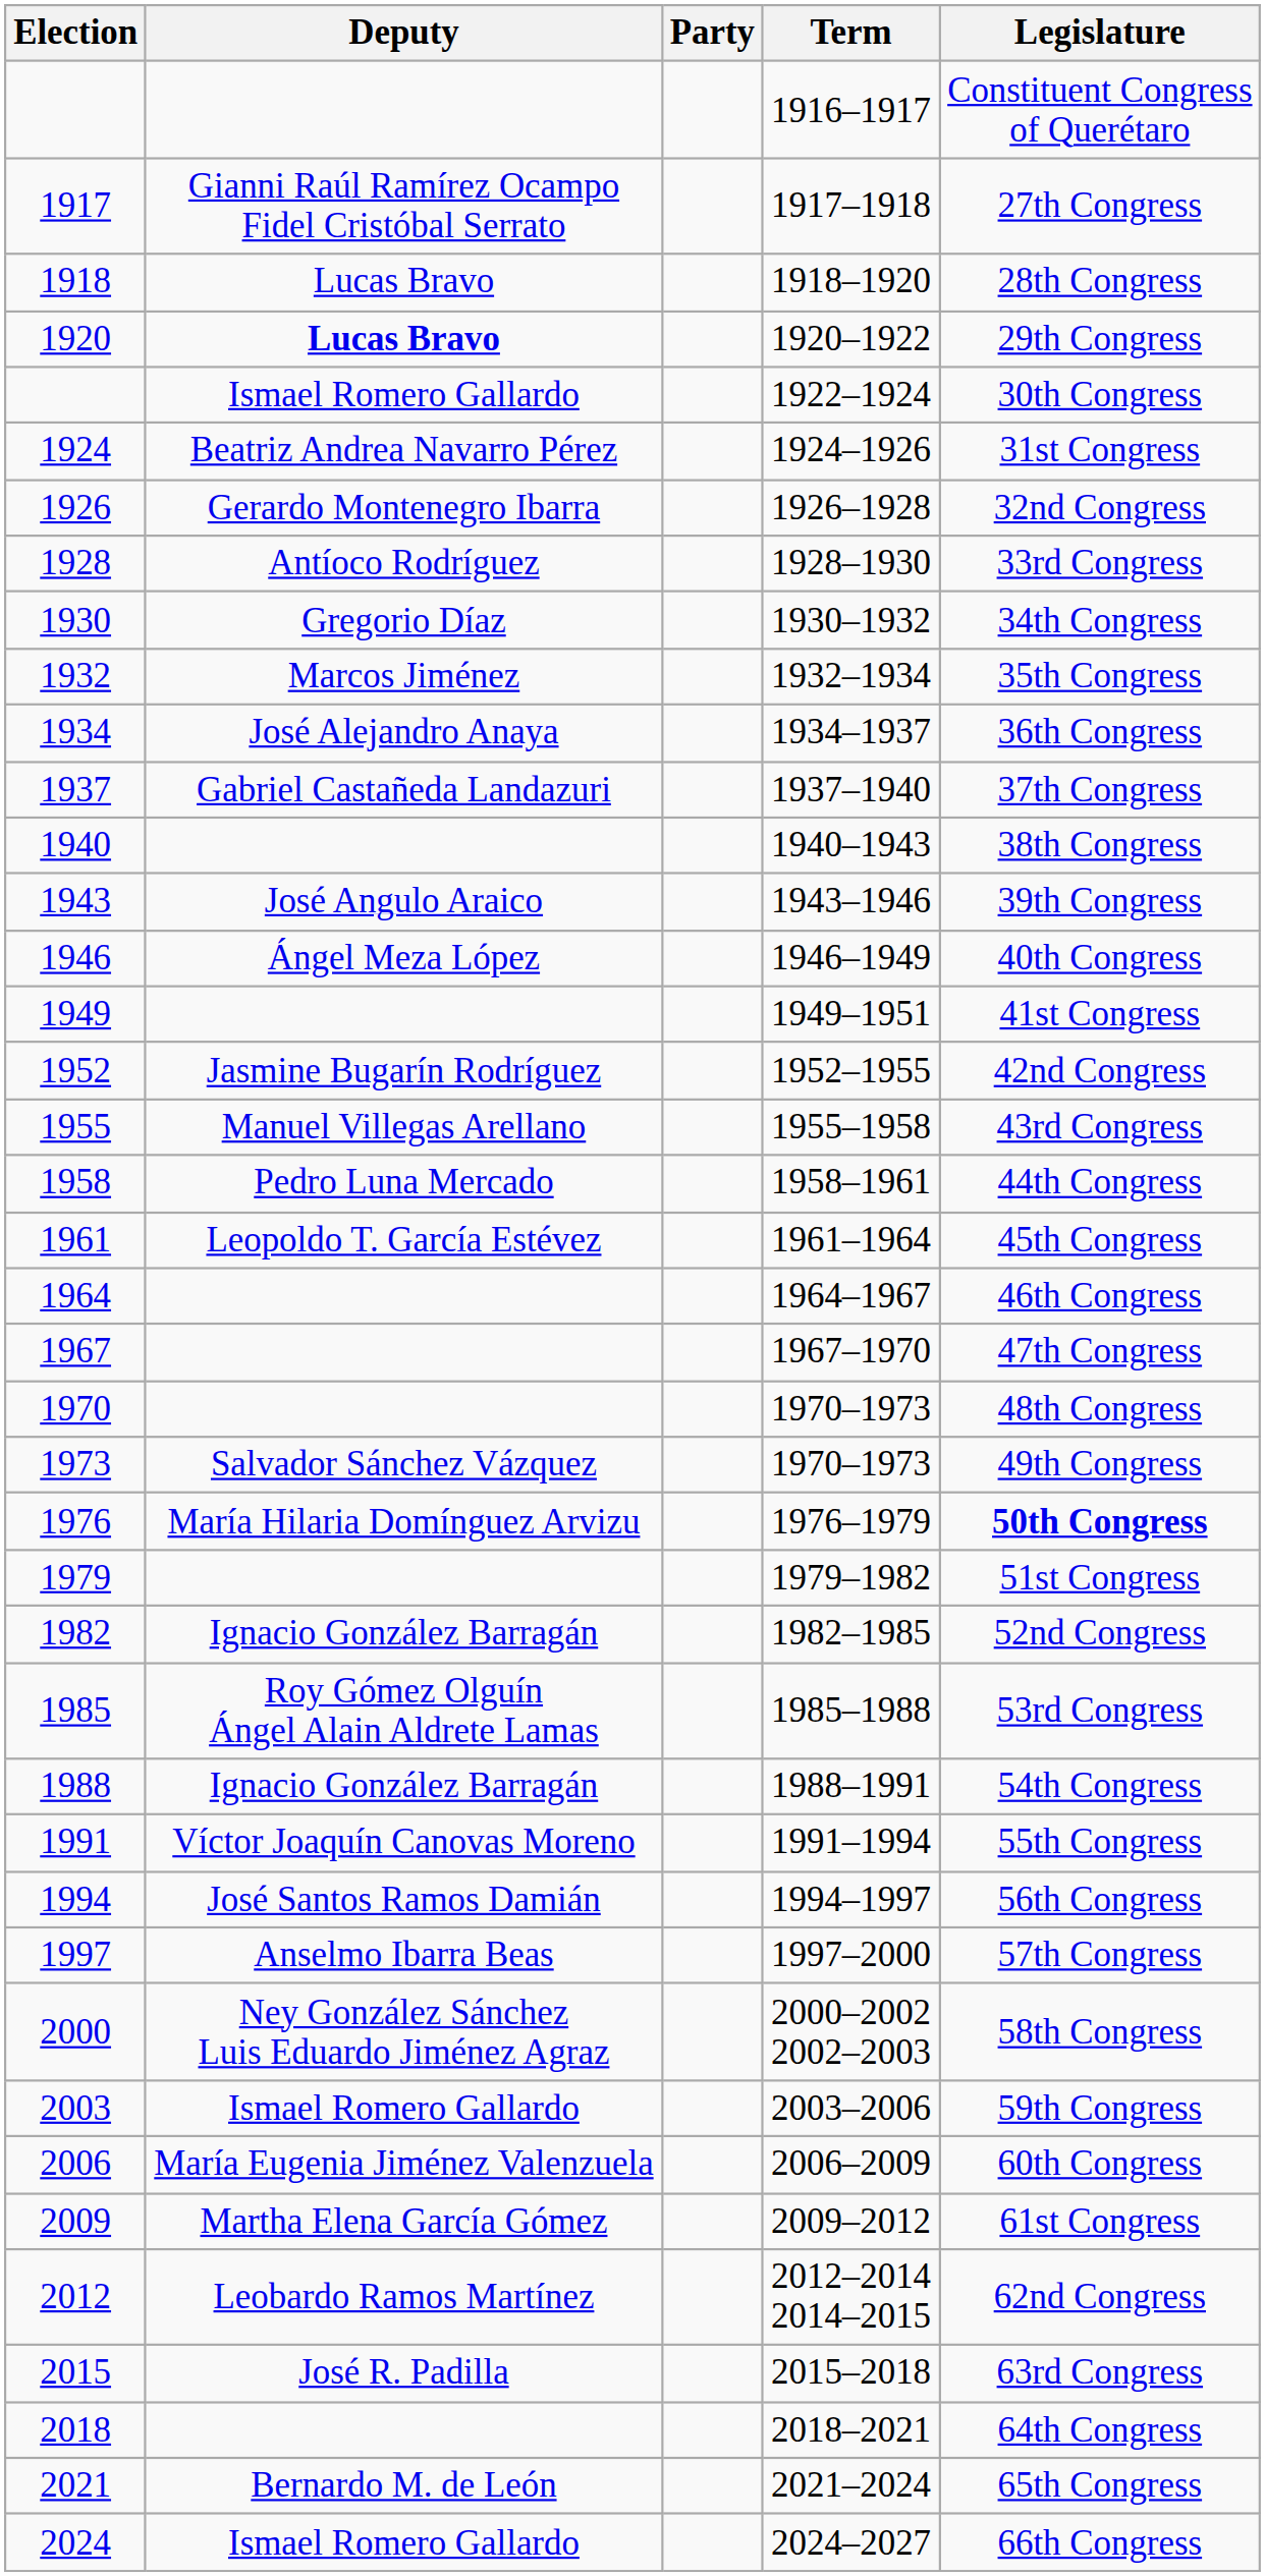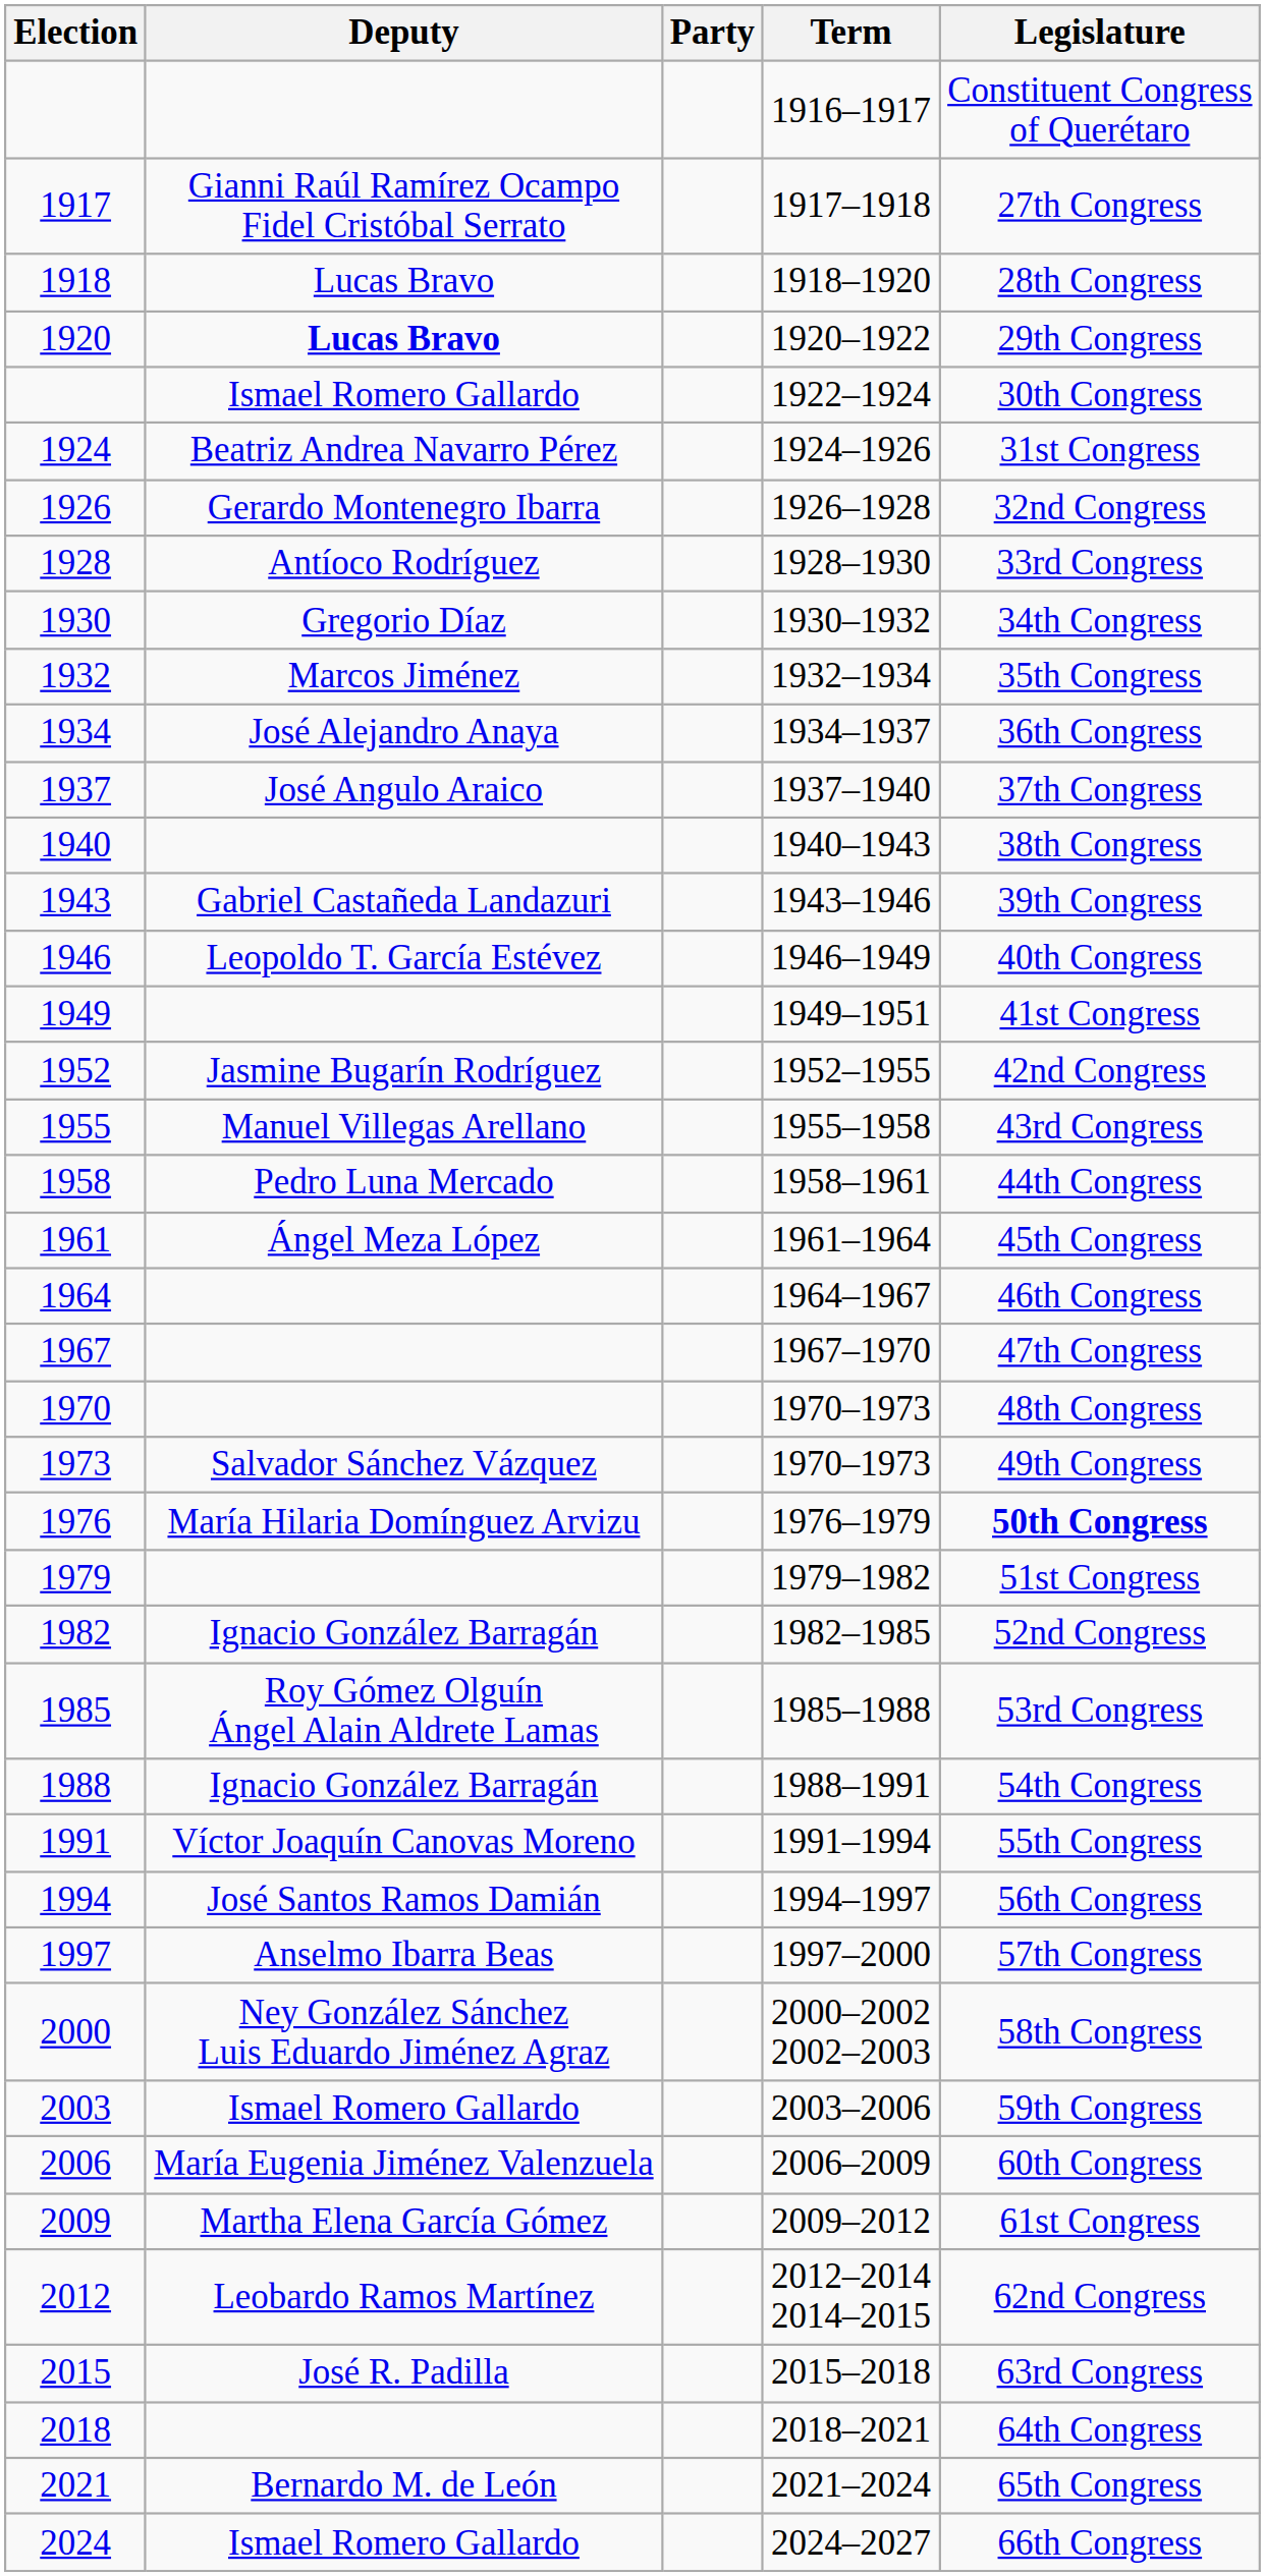 <table class="wikitable sortable" style="text-align: center">
 <tr>
 <th>Election</th>
 <th class="unsortable">Deputy</th>
 <th class="unsortable">Party</th>
 <th class="unsortable">Term</th>
 <th class="unsortable">Legislature</th>
 </tr>
 <tr>
 <td></td>
 <td></td>
 <td></td>
 <td>1916–1917</td>
 <td><a href='#'>Constituent Congress<br>of Querétaro</a></td>
 </tr>
 <tr>
 <td><a href='#'>1917</a></td>
 <td><a href='#'>Gianni Raúl Ramírez Ocampo</a><br><a href='#'>Fidel Cristóbal Serrato</a></td>
 <td></td>
 <td>1917–1918</td>
 <td><a href='#'>27th Congress</a></td>
 </tr>
 <tr>
 <td><a href='#'>1918</a></td>
 <td><a href='#'>Lucas Bravo</a></td>
 <td></td>
 <td>1918–1920</td>
 <td><a href='#'>28th Congress</a></td>
 </tr>
 <tr>
 <td><a href='#'>1920</a></td>
 <td><strong><a href='#'>Lucas Bravo</a></strong></td>
 <td></td>
 <td>1920–1922</td>
 <td><a href='#'>29th Congress</a></td>
 </tr>
 <tr>
 <td></td>
 <td><a href='#'>Ismael Romero Gallardo</a></td>
 <td></td>
 <td>1922–1924</td>
 <td><a href='#'>30th Congress</a></td>
 </tr>
 <tr>
 <td><a href='#'>1924</a></td>
 <td><a href='#'>Beatriz Andrea Navarro Pérez</a></td>
 <td></td>
 <td>1924–1926</td>
 <td><a href='#'>31st Congress</a></td>
 </tr>
 <tr>
 <td><a href='#'>1926</a></td>
 <td><a href='#'>Gerardo Montenegro Ibarra</a></td>
 <td></td>
 <td>1926–1928</td>
 <td><a href='#'>32nd Congress</a></td>
 </tr>
 <tr>
 <td><a href='#'>1928</a></td>
 <td><a href='#'>Antíoco Rodríguez</a></td>
 <td></td>
 <td>1928–1930</td>
 <td><a href='#'>33rd Congress</a></td>
 </tr>
 <tr>
 <td><a href='#'>1930</a></td>
 <td><a href='#'>Gregorio Díaz</a></td>
 <td></td>
 <td>1930–1932</td>
 <td><a href='#'>34th Congress</a></td>
 </tr>
 <tr>
 <td><a href='#'>1932</a></td>
 <td><a href='#'>Marcos Jiménez</a></td>
 <td></td>
 <td>1932–1934</td>
 <td><a href='#'>35th Congress</a></td>
 </tr>
 <tr>
 <td><a href='#'>1934</a></td>
 <td><a href='#'>José Alejandro Anaya</a></td>
 <td></td>
 <td>1934–1937</td>
 <td><a href='#'>36th Congress</a></td>
 </tr>
 <tr>
 <td><a href='#'>1937</a></td>
-<td><a href='#'>Gabriel Castañeda Landazuri</a></td>
+<td><a href='#'>José Angulo Araico</a></td>
 <td></td>
 <td>1937–1940</td>
 <td><a href='#'>37th Congress</a></td>
 </tr>
 <tr>
 <td><a href='#'>1940</a></td>
 <td></td>
 <td></td>
 <td>1940–1943</td>
 <td><a href='#'>38th Congress</a></td>
 </tr>
 <tr>
 <td><a href='#'>1943</a></td>
-<td><a href='#'>José Angulo Araico</a></td>
+<td><a href='#'>Gabriel Castañeda Landazuri</a></td>
 <td></td>
 <td>1943–1946</td>
 <td><a href='#'>39th Congress</a></td>
 </tr>
 <tr>
 <td><a href='#'>1946</a></td>
-<td><a href='#'>Ángel Meza López</a></td>
+<td><a href='#'>Leopoldo T. García Estévez</a></td>
 <td></td>
 <td>1946–1949</td>
 <td><a href='#'>40th Congress</a></td>
 </tr>
 <tr>
 <td><a href='#'>1949</a></td>
 <td></td>
 <td></td>
 <td>1949–1951</td>
 <td><a href='#'>41st Congress</a></td>
 </tr>
 <tr>
 <td><a href='#'>1952</a></td>
 <td><a href='#'>Jasmine Bugarín Rodríguez</a></td>
 <td></td>
 <td>1952–1955</td>
 <td><a href='#'>42nd Congress</a></td>
 </tr>
 <tr>
 <td><a href='#'>1955</a></td>
 <td><a href='#'>Manuel Villegas Arellano</a></td>
 <td></td>
 <td>1955–1958</td>
 <td><a href='#'>43rd Congress</a></td>
 </tr>
 <tr>
 <td><a href='#'>1958</a></td>
 <td><a href='#'>Pedro Luna Mercado</a></td>
 <td></td>
 <td>1958–1961</td>
 <td><a href='#'>44th Congress</a></td>
 </tr>
 <tr>
 <td><a href='#'>1961</a></td>
-<td><a href='#'>Leopoldo T. García Estévez</a></td>
+<td><a href='#'>Ángel Meza López</a></td>
 <td></td>
 <td>1961–1964</td>
 <td><a href='#'>45th Congress</a></td>
 </tr>
 <tr>
 <td><a href='#'>1964</a></td>
 <td></td>
 <td></td>
 <td>1964–1967</td>
 <td><a href='#'>46th Congress</a></td>
 </tr>
 <tr>
 <td><a href='#'>1967</a></td>
 <td></td>
 <td></td>
 <td>1967–1970</td>
 <td><a href='#'>47th Congress</a></td>
 </tr>
 <tr>
 <td><a href='#'>1970</a></td>
 <td></td>
 <td></td>
 <td>1970–1973</td>
 <td><a href='#'>48th Congress</a></td>
 </tr>
 <tr>
 <td><a href='#'>1973</a></td>
 <td><a href='#'>Salvador Sánchez Vázquez</a></td>
 <td></td>
 <td>1970–1973</td>
 <td><a href='#'>49th Congress</a></td>
 </tr>
 <tr>
 <td><a href='#'>1976</a></td>
 <td><a href='#'>María Hilaria Domínguez Arvizu</a></td>
 <td></td>
 <td>1976–1979</td>
 <td><strong><a href='#'>50th Congress</a></strong></td>
 </tr>
 <tr>
 <td><a href='#'>1979</a></td>
 <td></td>
 <td></td>
 <td>1979–1982</td>
 <td><a href='#'>51st Congress</a></td>
 </tr>
 <tr>
 <td><a href='#'>1982</a></td>
 <td><a href='#'>Ignacio González Barragán</a></td>
 <td></td>
 <td>1982–1985</td>
 <td><a href='#'>52nd Congress</a></td>
 </tr>
 <tr>
 <td><a href='#'>1985</a></td>
 <td><a href='#'>Roy Gómez Olguín</a><br><a href='#'>Ángel Alain Aldrete Lamas</a></td>
 <td></td>
 <td>1985–1988</td>
 <td><a href='#'>53rd Congress</a></td>
 </tr>
 <tr>
 <td><a href='#'>1988</a></td>
 <td><a href='#'>Ignacio González Barragán</a></td>
 <td></td>
 <td>1988–1991</td>
 <td><a href='#'>54th Congress</a></td>
 </tr>
 <tr>
 <td><a href='#'>1991</a></td>
 <td><a href='#'>Víctor Joaquín Canovas Moreno</a></td>
 <td></td>
 <td>1991–1994</td>
 <td><a href='#'>55th Congress</a></td>
 </tr>
 <tr>
 <td><a href='#'>1994</a></td>
 <td><a href='#'>José Santos Ramos Damián</a></td>
 <td></td>
 <td>1994–1997</td>
 <td><a href='#'>56th Congress</a></td>
 </tr>
 <tr>
 <td><a href='#'>1997</a></td>
 <td><a href='#'>Anselmo Ibarra Beas</a></td>
 <td></td>
 <td>1997–2000</td>
 <td><a href='#'>57th Congress</a></td>
 </tr>
 <tr>
 <td><a href='#'>2000</a></td>
 <td><a href='#'>Ney González Sánchez</a><br> <a href='#'>Luis Eduardo Jiménez Agraz</a></td>
 <td></td>
 <td>2000–2002<br>2002–2003</td>
 <td><a href='#'>58th Congress</a></td>
 </tr>
 <tr>
 <td><a href='#'>2003</a></td>
 <td><a href='#'>Ismael Romero Gallardo</a></td>
 <td></td>
 <td>2003–2006</td>
 <td><a href='#'>59th Congress</a></td>
 </tr>
 <tr>
 <td><a href='#'>2006</a></td>
 <td><a href='#'>María Eugenia Jiménez Valenzuela</a></td>
 <td></td>
 <td>2006–2009</td>
 <td><a href='#'>60th Congress</a></td>
 </tr>
 <tr>
 <td><a href='#'>2009</a></td>
 <td><a href='#'>Martha Elena García Gómez</a></td>
 <td></td>
 <td>2009–2012</td>
 <td><a href='#'>61st Congress</a></td>
 </tr>
 <tr>
 <td><a href='#'>2012</a></td>
 <td><a href='#'>Leobardo Ramos Martínez</a></td>
 <td></td>
 <td>2012–2014<br>2014–2015</td>
 <td><a href='#'>62nd Congress</a></td>
 </tr>
 <tr>
 <td><a href='#'>2015</a></td>
 <td><a href='#'>José R. Padilla</a></td>
 <td><br> </td>
 <td>2015–2018</td>
 <td><a href='#'>63rd Congress</a></td>
 </tr>
 <tr>
 <td><a href='#'>2018</a></td>
 <td></td>
 <td></td>
 <td>2018–2021</td>
 <td><a href='#'>64th Congress</a></td>
 </tr>
 <tr>
 <td><a href='#'>2021</a></td>
 <td><a href='#'>Bernardo M. de León</a></td>
 <td></td>
 <td>2021–2024</td>
 <td><a href='#'>65th Congress</a></td>
 </tr>
 <tr>
 <td><a href='#'>2024</a></td>
 <td><a href='#'>Ismael Romero Gallardo</a></td>
 <td></td>
 <td>2024–2027</td>
 <td><a href='#'>66th Congress</a></td>
 </tr>
 </table>
